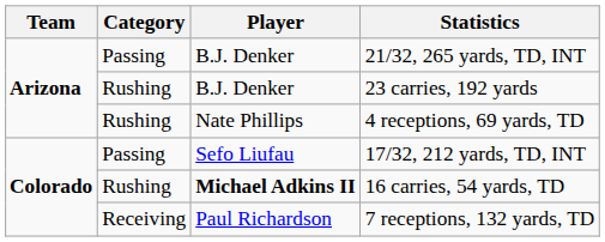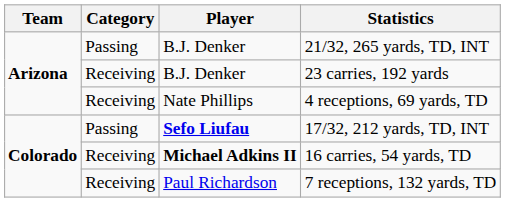 <table class="wikitable" style="float: right;">
 <tr>
 <th>Team</th>
 <th>Category</th>
 <th>Player</th>
 <th>Statistics</th>
 </tr>
 <tr>
 <td rowspan=3><strong>Arizona</strong></td>
 <td>Passing</td>
 <td>B.J. Denker</td>
 <td>21/32, 265 yards, TD, INT</td>
 </tr>
 <tr>
-<td>Rushing</td>
+<td>Receiving</td>
 <td>B.J. Denker</td>
 <td>23 carries, 192 yards</td>
 </tr>
 <tr>
-<td>Rushing</td>
+<td>Receiving</td>
 <td>Nate Phillips</td>
 <td>4 receptions, 69 yards, TD</td>
 </tr>
 <tr>
 <td rowspan=3><strong>Colorado</strong></td>
 <td>Passing</td>
-<td><a href='#'>Sefo Liufau</a></td>
+<td><strong><a href='#'>Sefo Liufau</a></strong></td>
 <td>17/32, 212 yards, TD, INT</td>
 </tr>
 <tr>
-<td>Rushing</td>
+<td>Receiving</td>
 <td><strong>Michael Adkins II</strong></td>
 <td>16 carries, 54 yards, TD</td>
 </tr>
 <tr>
 <td>Receiving</td>
 <td><a href='#'>Paul Richardson</a></td>
 <td>7 receptions, 132 yards, TD</td>
 </tr>
 </table>
